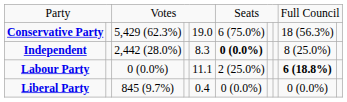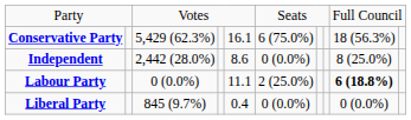 <table class=wikitable style="text-align:center;">
 <tr>
 <td colspan=2>Party</td>
 <td colspan=3>Votes</td>
 <td colspan=3>Seats</td>
 <td colspan=3>Full Council</td>
 </tr>
 <tr>
 <td><strong><a href='#'>Conservative Party</a></strong></td>
 <td style="background:"></td>
 <td>5,429 (62.3%)</td>
 <td></td>
-<td> 19.0</td>
+<td> 16.1</td>
 <td>6 (75.0%)</td>
 <td></td>
 <td></td>
 <td>18 (56.3%)</td>
 <td></td>
 </tr>
 <tr>
 <td><strong><a href='#'>Independent</a></strong></td>
 <td style="background:"></td>
 <td>2,442 (28.0%)</td>
 <td></td>
-<td> 8.3</td>
-<td><strong>0 (0.0%)</strong></td>
+<td> 8.6</td>
+<td>0 (0.0%)</td>
 <td></td>
 <td></td>
 <td>8 (25.0%)</td>
 <td></td>
 </tr>
 <tr>
 <td><strong><a href='#'>Labour Party</a></strong></td>
 <td style="background:"></td>
 <td>0 (0.0%)</td>
 <td></td>
 <td> 11.1</td>
 <td>2 (25.0%)</td>
 <td></td>
 <td></td>
 <td><strong>6 (18.8%)</strong></td>
 <td></td>
 </tr>
 <tr>
 <td><strong><a href='#'>Liberal Party</a></strong></td>
 <td style="background:"></td>
 <td>845 (9.7%)</td>
 <td></td>
 <td> 0.4</td>
 <td>0 (0.0%)</td>
 <td></td>
 <td></td>
 <td>0 (0.0%)</td>
 <td></td>
 </tr>
 </table>
